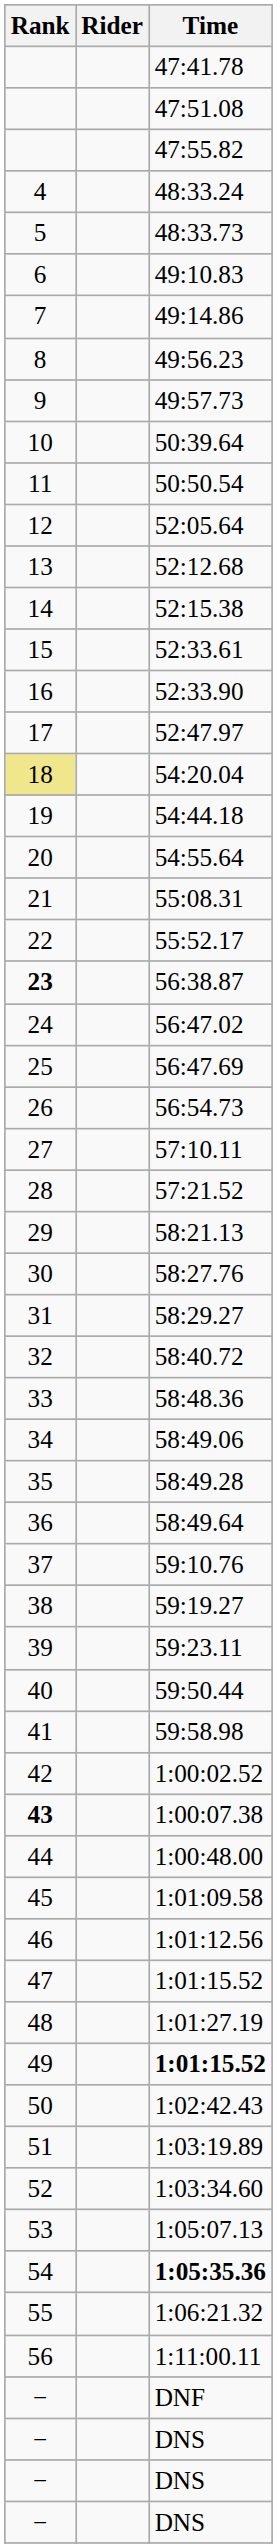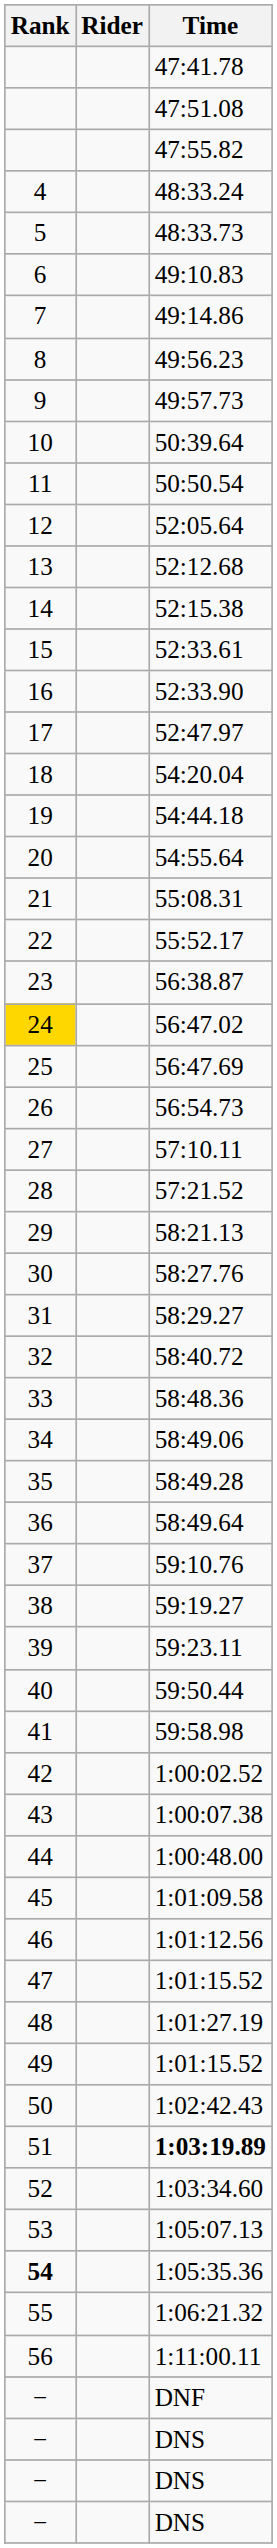 <table class="wikitable" style="font-size:95%" style="width:25em;">
 <tr>
 <th>Rank</th>
 <th>Rider</th>
 <th>Time</th>
 </tr>
 <tr>
 <td align=center></td>
 <td></td>
 <td>47:41.78</td>
 </tr>
 <tr>
 <td align=center></td>
 <td></td>
 <td>47:51.08</td>
 </tr>
 <tr>
 <td align=center></td>
 <td></td>
 <td>47:55.82</td>
 </tr>
 <tr>
 <td align=center>4</td>
 <td></td>
 <td>48:33.24</td>
 </tr>
 <tr>
 <td align=center>5</td>
 <td></td>
 <td>48:33.73</td>
 </tr>
 <tr>
 <td align=center>6</td>
 <td></td>
 <td>49:10.83</td>
 </tr>
 <tr>
 <td align=center>7</td>
 <td></td>
 <td>49:14.86</td>
 </tr>
 <tr>
 <td align=center>8</td>
 <td></td>
 <td>49:56.23</td>
 </tr>
 <tr>
 <td align=center>9</td>
 <td></td>
 <td>49:57.73</td>
 </tr>
 <tr>
 <td align=center>10</td>
 <td></td>
 <td>50:39.64</td>
 </tr>
 <tr>
 <td align=center>11</td>
 <td></td>
 <td>50:50.54</td>
 </tr>
 <tr>
 <td align=center>12</td>
 <td></td>
 <td>52:05.64</td>
 </tr>
 <tr>
 <td align=center>13</td>
 <td></td>
 <td>52:12.68</td>
 </tr>
 <tr>
 <td align=center>14</td>
 <td></td>
 <td>52:15.38</td>
 </tr>
 <tr>
 <td align=center>15</td>
 <td></td>
 <td>52:33.61</td>
 </tr>
 <tr>
 <td align=center>16</td>
 <td></td>
 <td>52:33.90</td>
 </tr>
 <tr>
 <td align=center>17</td>
 <td></td>
 <td>52:47.97</td>
 </tr>
 <tr>
-<td align=center style="background: khaki;">18</td>
+<td align=center>18</td>
 <td></td>
 <td>54:20.04</td>
 </tr>
 <tr>
 <td align=center>19</td>
 <td></td>
 <td>54:44.18</td>
 </tr>
 <tr>
 <td align=center>20</td>
 <td></td>
 <td>54:55.64</td>
 </tr>
 <tr>
 <td align=center>21</td>
 <td></td>
 <td>55:08.31</td>
 </tr>
 <tr>
 <td align=center>22</td>
 <td></td>
 <td>55:52.17</td>
 </tr>
 <tr>
-<td align=center><strong>23</strong></td>
+<td align=center>23</td>
 <td></td>
 <td>56:38.87</td>
 </tr>
 <tr>
-<td align=center>24</td>
+<td align=center style="background: gold;">24</td>
 <td></td>
 <td>56:47.02</td>
 </tr>
 <tr>
 <td align=center>25</td>
 <td></td>
 <td>56:47.69</td>
 </tr>
 <tr>
 <td align=center>26</td>
 <td></td>
 <td>56:54.73</td>
 </tr>
 <tr>
 <td align=center>27</td>
 <td></td>
 <td>57:10.11</td>
 </tr>
 <tr>
 <td align=center>28</td>
 <td></td>
 <td>57:21.52</td>
 </tr>
 <tr>
 <td align=center>29</td>
 <td></td>
 <td>58:21.13</td>
 </tr>
 <tr>
 <td align=center>30</td>
 <td></td>
 <td>58:27.76</td>
 </tr>
 <tr>
 <td align=center>31</td>
 <td></td>
 <td>58:29.27</td>
 </tr>
 <tr>
 <td align=center>32</td>
 <td></td>
 <td>58:40.72</td>
 </tr>
 <tr>
 <td align=center>33</td>
 <td></td>
 <td>58:48.36</td>
 </tr>
 <tr>
 <td align=center>34</td>
 <td></td>
 <td>58:49.06</td>
 </tr>
 <tr>
 <td align=center>35</td>
 <td></td>
 <td>58:49.28</td>
 </tr>
 <tr>
 <td align=center>36</td>
 <td></td>
 <td>58:49.64</td>
 </tr>
 <tr>
 <td align=center>37</td>
 <td></td>
 <td>59:10.76</td>
 </tr>
 <tr>
 <td align=center>38</td>
 <td></td>
 <td>59:19.27</td>
 </tr>
 <tr>
 <td align=center>39</td>
 <td></td>
 <td>59:23.11</td>
 </tr>
 <tr>
 <td align=center>40</td>
 <td></td>
 <td>59:50.44</td>
 </tr>
 <tr>
 <td align=center>41</td>
 <td></td>
 <td>59:58.98</td>
 </tr>
 <tr>
 <td align=center>42</td>
 <td></td>
 <td>1:00:02.52</td>
 </tr>
 <tr>
-<td align=center><strong>43</strong></td>
+<td align=center>43</td>
 <td></td>
 <td>1:00:07.38</td>
 </tr>
 <tr>
 <td align=center>44</td>
 <td></td>
 <td>1:00:48.00</td>
 </tr>
 <tr>
 <td align=center>45</td>
 <td></td>
 <td>1:01:09.58</td>
 </tr>
 <tr>
 <td align=center>46</td>
 <td></td>
 <td>1:01:12.56</td>
 </tr>
 <tr>
 <td align=center>47</td>
 <td></td>
 <td>1:01:15.52</td>
 </tr>
 <tr>
 <td align=center>48</td>
 <td></td>
 <td>1:01:27.19</td>
 </tr>
 <tr>
 <td align=center>49</td>
 <td></td>
-<td><strong>1:01:15.52</strong></td>
+<td>1:01:15.52</td>
 </tr>
 <tr>
 <td align=center>50</td>
 <td></td>
 <td>1:02:42.43</td>
 </tr>
 <tr>
 <td align=center>51</td>
 <td></td>
-<td>1:03:19.89</td>
+<td><strong>1:03:19.89</strong></td>
 </tr>
 <tr>
 <td align=center>52</td>
 <td></td>
 <td>1:03:34.60</td>
 </tr>
 <tr>
 <td align=center>53</td>
 <td></td>
 <td>1:05:07.13</td>
 </tr>
 <tr>
-<td align=center>54</td>
+<td align=center><strong>54</strong></td>
 <td></td>
-<td><strong>1:05:35.36</strong></td>
+<td>1:05:35.36</td>
 </tr>
 <tr>
 <td align=center>55</td>
 <td></td>
 <td>1:06:21.32</td>
 </tr>
 <tr>
 <td align=center>56</td>
 <td></td>
 <td>1:11:00.11</td>
 </tr>
 <tr>
 <td align=center>−</td>
 <td></td>
 <td>DNF</td>
 </tr>
 <tr>
 <td align=center>−</td>
 <td></td>
 <td>DNS</td>
 </tr>
 <tr>
 <td align=center>−</td>
 <td></td>
 <td>DNS</td>
 </tr>
 <tr>
 <td align=center>−</td>
 <td></td>
 <td>DNS</td>
 </tr>
 </table>
